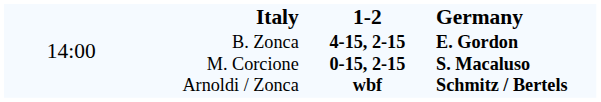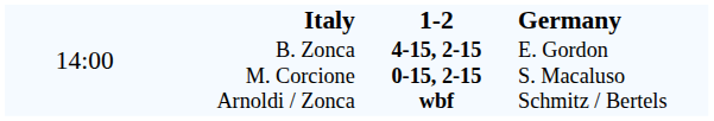 <table style="width: 50%; background:#F5FAFF;" cellspacing="0">
 <tr>
 <td align=center rowspan=3 width=20%>14:00</td>
 </tr>
 <tr>
 <td width=24% align=right><strong>Italy</strong></td>
 <td align=center width=20%><strong>1-2</strong></td>
 <td width=24%><strong>Germany</strong></td>
 </tr>
 <tr style=font-size:85%>
 <td align=right valign=top>B. Zonca<br>M. Corcione<br>Arnoldi / Zonca</td>
 <td align=center><strong>4-15, 2-15<br>0-15, 2-15<br>wbf</strong></td>
-<td valign=top><strong>E. Gordon<br>S. Macaluso<br>Schmitz / Bertels</strong></td>
+<td valign=top>E. Gordon<br>S. Macaluso<br>Schmitz / Bertels</td>
 </tr>
 </table>
